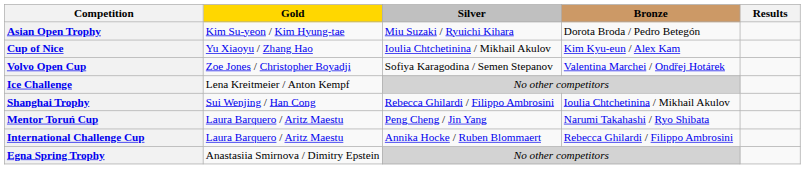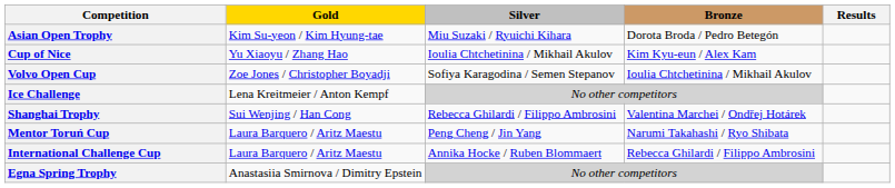 <table class="wikitable unsortable" style="text-align:left; width:90%;">
 <tr>
 <th scope="col" style="text-align:center; width:25%;">Competition</th>
 <td scope="col" style="text-align:center; width:22.5%; background:gold"><strong>Gold</strong></td>
 <td scope="col" style="text-align:center; width:22.5%; background:silver"><strong>Silver</strong></td>
 <td scope="col" style="text-align:center; width:22.5%; background:#c96"><strong>Bronze</strong></td>
 <th scope="col" style="text-align:center; width:7.5%;">Results</th>
 </tr>
 <tr>
 <th scope="row" style="text-align:left"> <a href='#'>Asian Open Trophy</a></th>
 <td> <a href='#'>Kim Su-yeon</a> / <a href='#'>Kim Hyung-tae</a></td>
 <td> <a href='#'>Miu Suzaki</a> / <a href='#'>Ryuichi Kihara</a></td>
 <td> Dorota Broda / Pedro Betegón</td>
 <td></td>
 </tr>
 <tr>
 <th scope="row" style="text-align:left"> <a href='#'>Cup of Nice</a></th>
 <td> <a href='#'>Yu Xiaoyu</a> / <a href='#'>Zhang Hao</a></td>
 <td> <a href='#'>Ioulia Chtchetinina</a> / Mikhail Akulov</td>
 <td> <a href='#'>Kim Kyu-eun</a> / <a href='#'>Alex Kam</a></td>
 <td></td>
 </tr>
 <tr>
 <th scope="row" style="text-align:left"> <a href='#'>Volvo Open Cup</a></th>
 <td> <a href='#'>Zoe Jones</a> / <a href='#'>Christopher Boyadji</a></td>
 <td> Sofiya Karagodina / Semen Stepanov</td>
-<td> <a href='#'>Valentina Marchei</a> / <a href='#'>Ondřej Hotárek</a></td>
+<td> <a href='#'>Ioulia Chtchetinina</a> / Mikhail Akulov</td>
 <td></td>
 </tr>
 <tr>
 <th scope="row" style="text-align:left"> <a href='#'>Ice Challenge</a></th>
 <td> Lena Kreitmeier / Anton Kempf</td>
 <td colspan="2" align="center" bgcolor="lightgray"><em>No other competitors</em></td>
 <td></td>
 </tr>
 <tr>
 <th scope="row" style="text-align:left"> <a href='#'>Shanghai Trophy</a></th>
 <td> <a href='#'>Sui Wenjing</a> / <a href='#'>Han Cong</a></td>
 <td> <a href='#'>Rebecca Ghilardi</a> / <a href='#'>Filippo Ambrosini</a></td>
-<td> <a href='#'>Ioulia Chtchetinina</a> / Mikhail Akulov</td>
+<td> <a href='#'>Valentina Marchei</a> / <a href='#'>Ondřej Hotárek</a></td>
 <td></td>
 </tr>
 <tr>
 <th scope="row" style="text-align:left"> <a href='#'>Mentor Toruń Cup</a></th>
 <td> <a href='#'>Laura Barquero</a> / <a href='#'>Aritz Maestu</a></td>
 <td> <a href='#'>Peng Cheng</a> / <a href='#'>Jin Yang</a></td>
 <td> <a href='#'>Narumi Takahashi</a> / <a href='#'>Ryo Shibata</a></td>
 <td></td>
 </tr>
 <tr>
 <th scope="row" style="text-align:left"> <a href='#'>International Challenge Cup</a></th>
 <td> <a href='#'>Laura Barquero</a> / <a href='#'>Aritz Maestu</a></td>
 <td> <a href='#'>Annika Hocke</a> / <a href='#'>Ruben Blommaert</a></td>
 <td> <a href='#'>Rebecca Ghilardi</a> / <a href='#'>Filippo Ambrosini</a></td>
 <td></td>
 </tr>
 <tr>
 <th scope="row" style="text-align:left"> <a href='#'>Egna Spring Trophy</a></th>
 <td> Anastasiia Smirnova / Dimitry Epstein</td>
 <td colspan="2" align="center" bgcolor="lightgray"><em>No other competitors</em></td>
 <td></td>
 </tr>
 </table>
